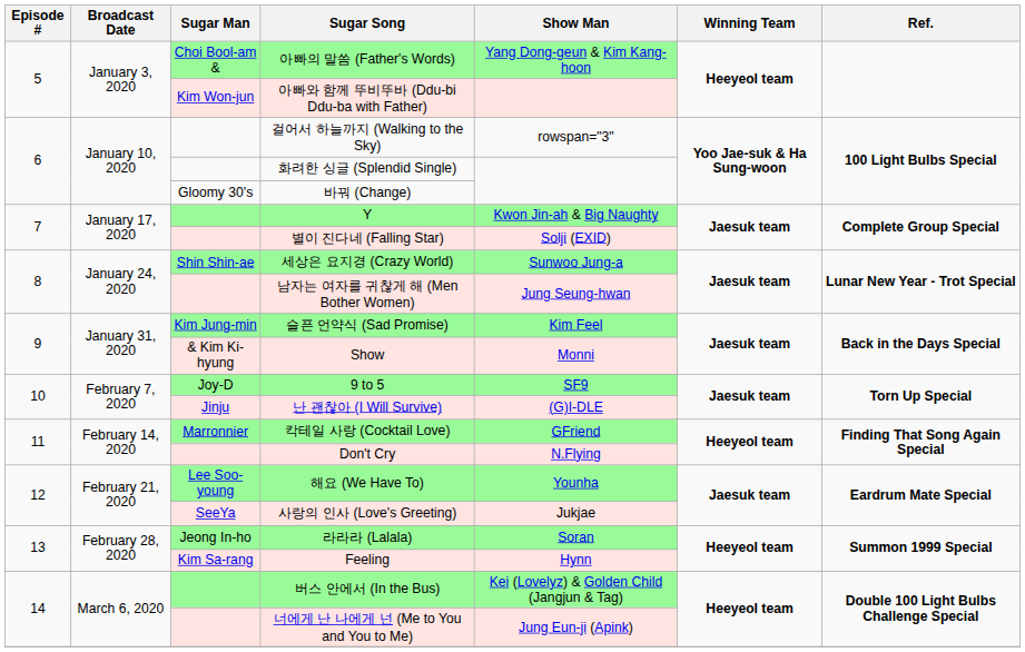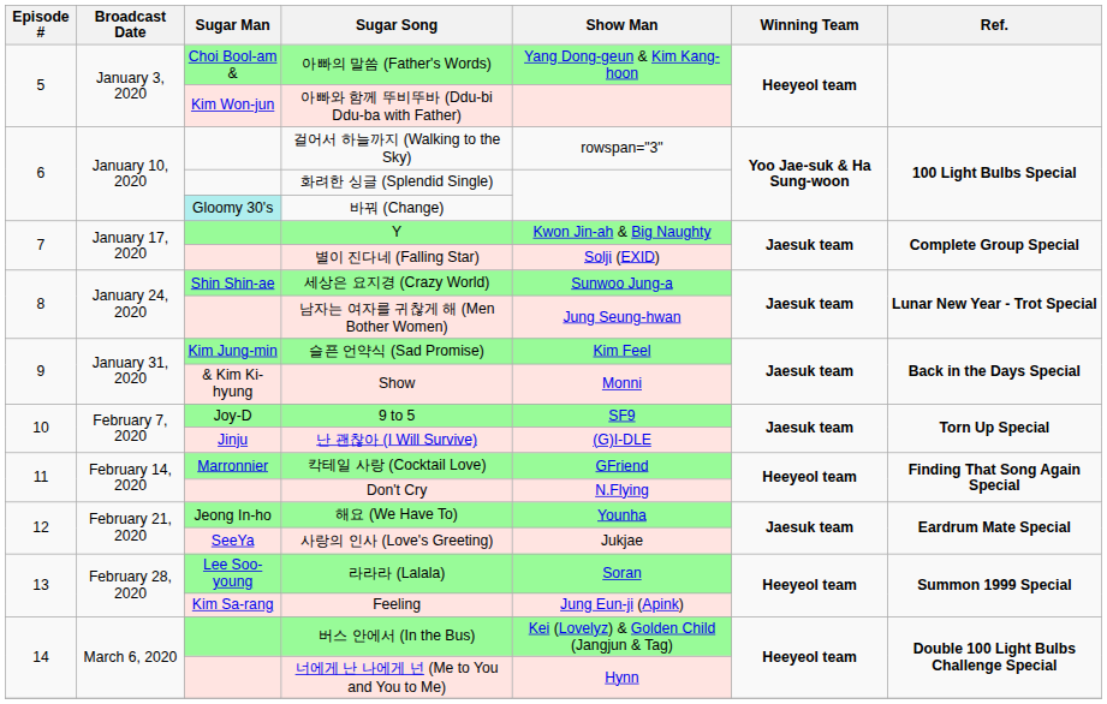 <table class="wikitable" style="text-align:center; width:95%;">
 <tr>
 <th>Episode #</th>
 <th>Broadcast Date</th>
 <th>Sugar Man</th>
 <th>Sugar Song</th>
 <th>Show Man</th>
 <th>Winning Team</th>
 <th>Ref.</th>
 </tr>
 <tr>
 <td rowspan="2">5</td>
 <td rowspan="2">January 3, 2020</td>
 <td style="background: PaleGreen"><a href='#'>Choi Bool-am</a> & </td>
 <td style="background: PaleGreen">아빠의 말씀 (Father's Words)</td>
 <td style="background: PaleGreen"><a href='#'>Yang Dong-geun</a> & <a href='#'>Kim Kang-hoon</a></td>
 <td rowspan="2" expand="yes"><strong>Heeyeol team</strong></td>
 <td rowspan="2"></td>
 </tr>
 <tr>
 <td style="background: MistyRose"><a href='#'>Kim Won-jun</a></td>
 <td style="background: MistyRose">아빠와 함께 뚜비뚜바 (Ddu-bi Ddu-ba with Father)</td>
 <td style="background: MistyRose"></td>
 </tr>
 <tr>
 <td rowspan="3">6</td>
 <td rowspan="3">January 10, 2020</td>
 <td></td>
 <td>걸어서 하늘까지 (Walking to the Sky)</td>
 <td>rowspan="3" </td>
 <td rowspan="3" expand="yes"><strong>Yoo Jae-suk & Ha Sung-woon</strong></td>
 <td rowspan="3"><strong>100 Light Bulbs Special</strong><br></td>
 </tr>
 <tr>
 <td></td>
 <td>화려한 싱글 (Splendid Single)</td>
 </tr>
 <tr>
-<td>Gloomy 30's</td>
+<td style="background: paleturquoise;">Gloomy 30's</td>
 <td>바꿔 (Change)</td>
 </tr>
 <tr>
 <td rowspan="2">7</td>
 <td rowspan="2">January 17, 2020</td>
 <td style="background: PaleGreen"></td>
 <td style="background: PaleGreen">Y</td>
 <td style="background: PaleGreen"><a href='#'>Kwon Jin-ah</a> & <a href='#'>Big Naughty</a></td>
 <td rowspan="2" expand="yes"><strong>Jaesuk team</strong></td>
 <td rowspan="2"><strong>Complete Group Special</strong><br></td>
 </tr>
 <tr>
 <td style="background: MistyRose"></td>
 <td style="background: MistyRose">별이 진다네 (Falling Star)</td>
 <td style="background: MistyRose"><a href='#'>Solji</a> (<a href='#'>EXID</a>)</td>
 </tr>
 <tr>
 <td rowspan="2">8</td>
 <td rowspan="2">January 24, 2020</td>
 <td style="background: PaleGreen"><a href='#'>Shin Shin-ae</a></td>
 <td style="background: PaleGreen">세상은 요지경 (Crazy World)</td>
 <td style="background: PaleGreen"><a href='#'>Sunwoo Jung-a</a></td>
 <td rowspan="2" expand="yes"><strong>Jaesuk team</strong></td>
 <td rowspan="2"><strong>Lunar New Year - Trot Special</strong><br></td>
 </tr>
 <tr>
 <td style="background: MistyRose"></td>
 <td style="background: MistyRose">남자는 여자를 귀찮게 해 (Men Bother Women)</td>
 <td style="background: MistyRose"><a href='#'>Jung Seung-hwan</a></td>
 </tr>
 <tr>
 <td rowspan="2">9</td>
 <td rowspan="2">January 31, 2020</td>
 <td style="background: PaleGreen"><a href='#'>Kim Jung-min</a></td>
 <td style="background: PaleGreen">슬픈 언약식 (Sad Promise)</td>
 <td style="background: PaleGreen"><a href='#'>Kim Feel</a></td>
 <td rowspan="2" expand="yes"><strong>Jaesuk team</strong></td>
 <td rowspan="2"><strong>Back in the Days Special</strong><br></td>
 </tr>
 <tr>
 <td style="background: MistyRose"> & Kim Ki-hyung</td>
 <td style="background: MistyRose">Show</td>
 <td style="background: MistyRose"><a href='#'>Monni</a></td>
 </tr>
 <tr>
 <td rowspan="2">10</td>
 <td rowspan="2">February 7, 2020</td>
 <td style="background: PaleGreen">Joy-D</td>
 <td style="background: PaleGreen">9 to 5</td>
 <td style="background: PaleGreen"><a href='#'>SF9</a></td>
 <td rowspan="2" expand="yes"><strong>Jaesuk team</strong></td>
 <td rowspan="2"><strong>Torn Up Special</strong><br></td>
 </tr>
 <tr>
 <td style="background: MistyRose"><a href='#'>Jinju</a></td>
 <td style="background: MistyRose"><a href='#'>난 괜찮아 (I Will Survive)</a></td>
 <td style="background: MistyRose"><a href='#'>(G)I-DLE</a></td>
 </tr>
 <tr>
 <td rowspan="2">11</td>
 <td rowspan="2">February 14, 2020</td>
 <td style="background: PaleGreen"><a href='#'>Marronnier</a></td>
 <td style="background: PaleGreen">칵테일 사랑 (Cocktail Love)</td>
 <td style="background: PaleGreen"><a href='#'>GFriend</a></td>
 <td rowspan="2" expand="yes"><strong>Heeyeol team</strong></td>
 <td rowspan="2"><strong>Finding That Song Again Special</strong><br></td>
 </tr>
 <tr>
 <td style="background: MistyRose"></td>
 <td style="background: MistyRose">Don't Cry</td>
 <td style="background: MistyRose"><a href='#'>N.Flying</a></td>
 </tr>
 <tr>
 <td rowspan="2">12</td>
 <td rowspan="2">February 21, 2020</td>
-<td style="background: PaleGreen"><a href='#'>Lee Soo-young</a></td>
+<td style="background: PaleGreen">Jeong In-ho</td>
 <td style="background: PaleGreen">해요 (We Have To)</td>
 <td style="background: PaleGreen"><a href='#'>Younha</a></td>
 <td rowspan="2" expand="yes"><strong>Jaesuk team</strong></td>
 <td rowspan="2"><strong>Eardrum Mate Special</strong><br></td>
 </tr>
 <tr>
 <td style="background: MistyRose"><a href='#'>SeeYa</a></td>
 <td style="background: MistyRose">사랑의 인사 (Love's Greeting)</td>
 <td style="background: MistyRose">Jukjae</td>
 </tr>
 <tr>
 <td rowspan="2">13</td>
 <td rowspan="2">February 28, 2020</td>
-<td style="background: PaleGreen">Jeong In-ho</td>
+<td style="background: PaleGreen"><a href='#'>Lee Soo-young</a></td>
 <td style="background: PaleGreen">라라라 (Lalala)</td>
 <td style="background: PaleGreen"><a href='#'>Soran</a></td>
 <td rowspan="2" expand="yes"><strong>Heeyeol team</strong></td>
 <td rowspan="2"><strong>Summon 1999 Special</strong><br></td>
 </tr>
 <tr>
 <td style="background: MistyRose"><a href='#'>Kim Sa-rang</a></td>
 <td style="background: MistyRose">Feeling</td>
-<td style="background: MistyRose"><a href='#'>Hynn</a></td>
+<td style="background: MistyRose"><a href='#'>Jung Eun-ji</a> (<a href='#'>Apink</a>)</td>
 </tr>
 <tr>
 <td rowspan="2">14</td>
 <td rowspan="2">March 6, 2020</td>
 <td style="background: PaleGreen"></td>
 <td style="background: PaleGreen">버스 안에서 (In the Bus)</td>
 <td style="background: PaleGreen"><a href='#'>Kei</a> (<a href='#'>Lovelyz</a>) & <a href='#'>Golden Child</a> (Jangjun & Tag)</td>
 <td rowspan="2" expand="yes"><strong>Heeyeol team</strong></td>
 <td rowspan="2"><strong>Double 100 Light Bulbs Challenge Special</strong><br></td>
 </tr>
 <tr>
 <td style="background: MistyRose"></td>
 <td style="background: MistyRose"><a href='#'>너에게 난 나에게 넌</a> (Me to You and You to Me)</td>
-<td style="background: MistyRose"><a href='#'>Jung Eun-ji</a> (<a href='#'>Apink</a>)</td>
+<td style="background: MistyRose"><a href='#'>Hynn</a></td>
 </tr>
 <tr>
 </tr>
 </table>
